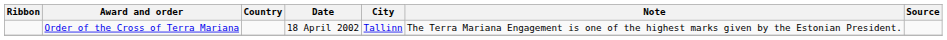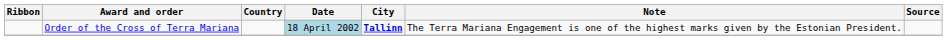 <table class="wikitable sortable" style="font-size: 90%;">
 <tr>
 <th class="unsortable">Ribbon</th>
 <th>Award and order</th>
 <th>Country</th>
 <th>Date</th>
 <th>City</th>
 <th class="unsortable">Note</th>
 <th class="unsortable">Source</th>
 </tr>
 <tr>
 <td></td>
 <td><a href='#'>Order of the Cross of Terra Mariana</a></td>
 <td></td>
-<td align=center> 18 April 2002</td>
-<td><a href='#'>Tallinn</a></td>
+<td align=center style="background: lightblue;"> 18 April 2002</td>
+<td><strong><a href='#'>Tallinn</a></strong></td>
 <td>The Terra Mariana Engagement is one of the highest marks given by the Estonian President.</td>
 <td></td>
 </tr>
 <tr>
 </tr>
 </table>
